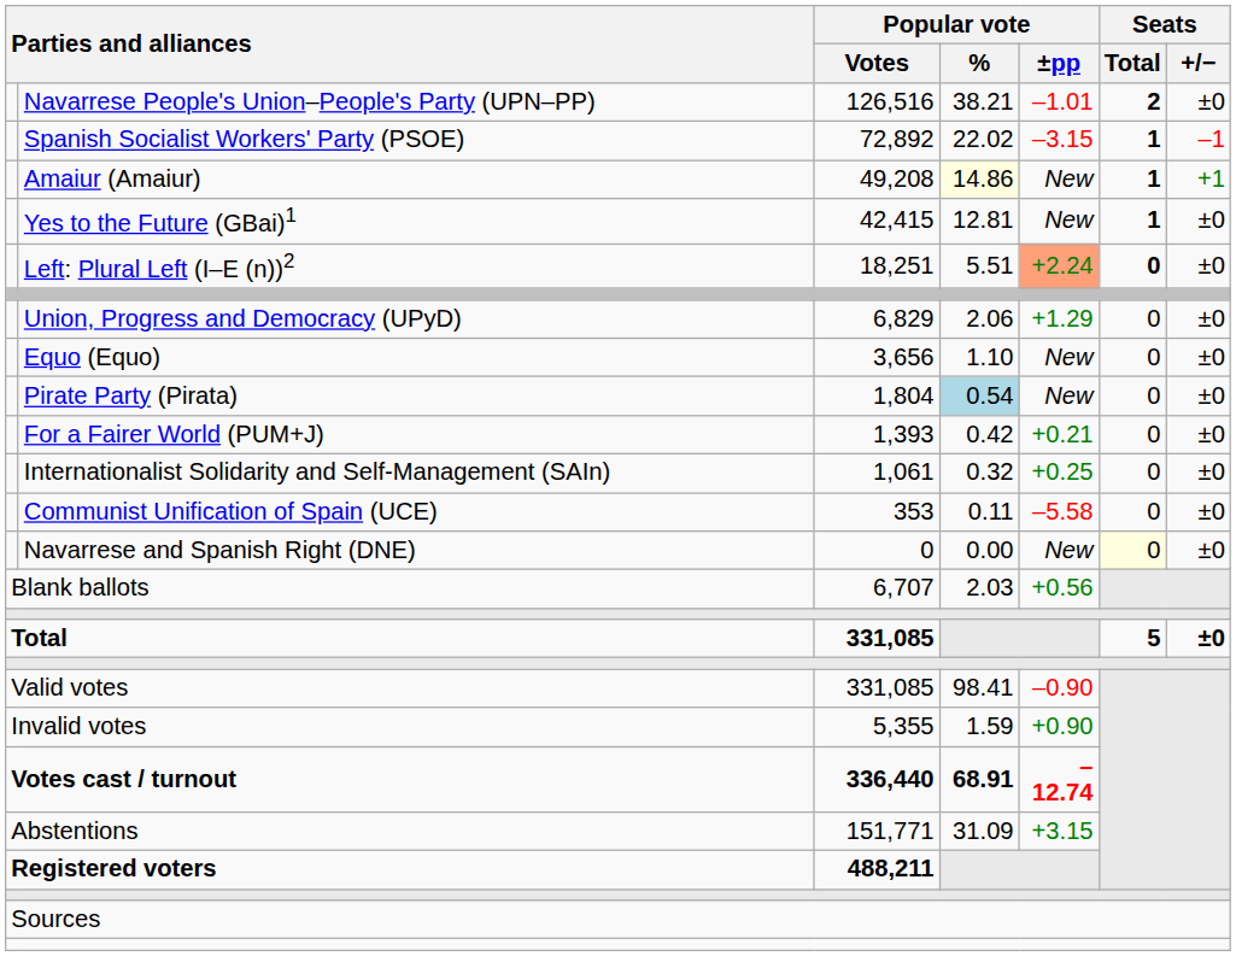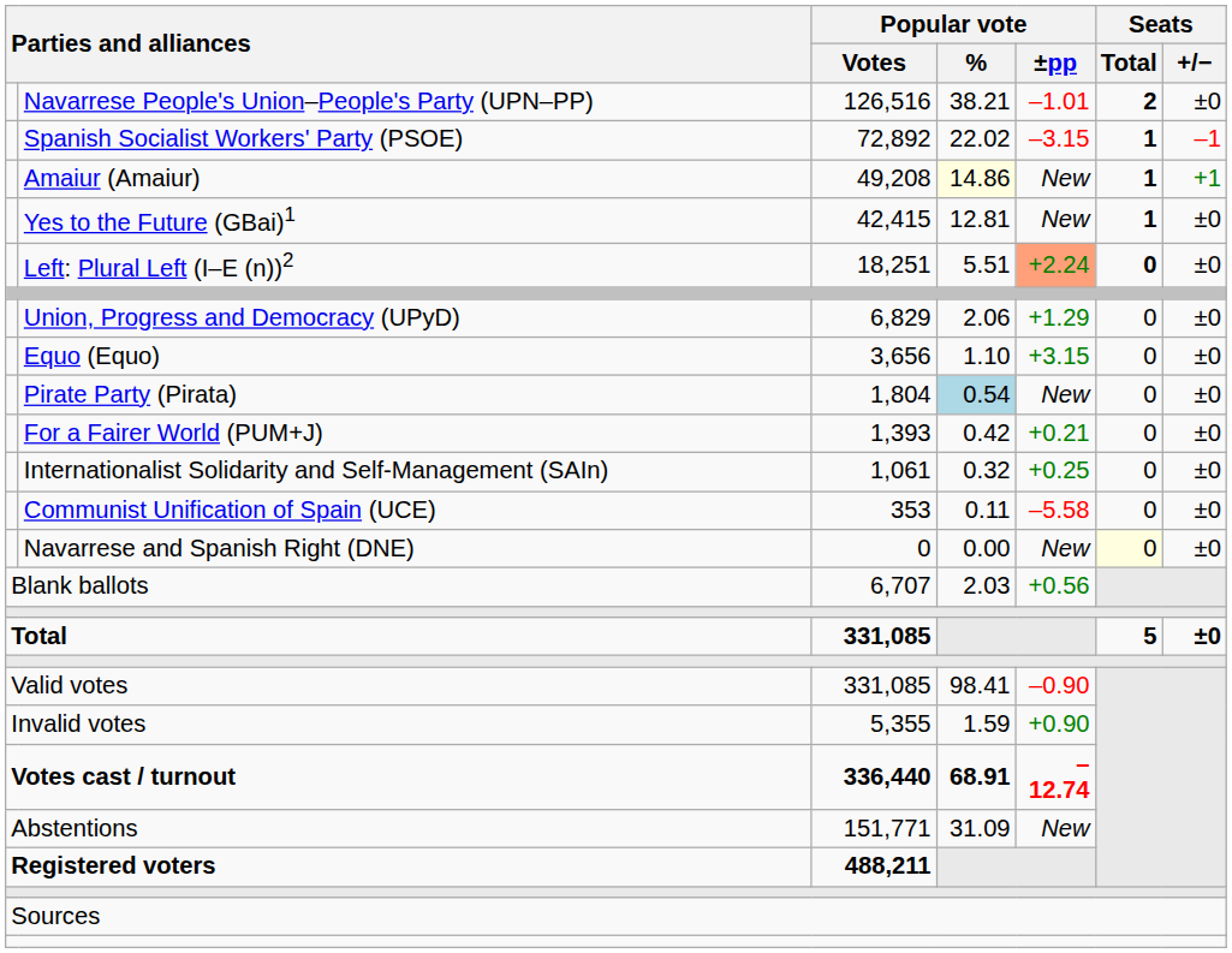 <table class="wikitable" style="text-align:right;">
 <tr>
 <th style="text-align:left;" rowspan="2" colspan="2" width="525">Parties and alliances</th>
 <th colspan="3">Popular vote</th>
 <th colspan="2">Seats</th>
 </tr>
 <tr>
 <th width="75">Votes</th>
 <th width="45">%</th>
 <th width="45">±<a href='#'>pp</a></th>
 <th width="35">Total</th>
 <th width="35">+/−</th>
 </tr>
 <tr>
 <td width="1" style="color:inherit;background:"></td>
 <td align="left"><a href='#'>Navarrese People's Union</a>–<a href='#'>People's Party</a> (UPN–PP)</td>
 <td>126,516</td>
 <td>38.21</td>
 <td style="color:red;">–1.01</td>
 <td><strong>2</strong></td>
 <td>±0</td>
 </tr>
 <tr>
 <td style="color:inherit;background:"></td>
 <td align="left"><a href='#'>Spanish Socialist Workers' Party</a> (PSOE)</td>
 <td>72,892</td>
 <td>22.02</td>
 <td style="color:red;">–3.15</td>
 <td><strong>1</strong></td>
 <td style="color:red;">–1</td>
 </tr>
 <tr>
 <td style="color:inherit;background:"></td>
 <td align="left"><a href='#'>Amaiur</a> (Amaiur)</td>
 <td>49,208</td>
 <td style="background: lightyellow;">14.86</td>
 <td><em>New</em></td>
 <td><strong>1</strong></td>
 <td style="color:green;">+1</td>
 </tr>
 <tr>
 <td style="color:inherit;background:"></td>
 <td align="left"><a href='#'>Yes to the Future</a> (GBai)<sup>1</sup></td>
 <td>42,415</td>
 <td>12.81</td>
 <td><em>New</em></td>
 <td><strong>1</strong></td>
 <td>±0</td>
 </tr>
 <tr>
 <td style="color:inherit;background:"></td>
 <td align="left"><a href='#'>Left</a>: <a href='#'>Plural Left</a> (I–E (n))<sup>2</sup></td>
 <td>18,251</td>
 <td>5.51</td>
 <td style="background: lightsalmon; color:green;">+2.24</td>
 <td><strong>0</strong></td>
 <td>±0</td>
 </tr>
 <tr>
 <td colspan="7" bgcolor="#C0C0C0"></td>
 </tr>
 <tr>
 <td style="color:inherit;background:"></td>
 <td align="left"><a href='#'>Union, Progress and Democracy</a> (UPyD)</td>
 <td>6,829</td>
 <td>2.06</td>
 <td style="color:green;">+1.29</td>
 <td>0</td>
 <td>±0</td>
 </tr>
 <tr>
 <td style="color:inherit;background:"></td>
 <td align="left"><a href='#'>Equo</a> (Equo)</td>
 <td>3,656</td>
 <td>1.10</td>
-<td><em>New</em></td>
+<td style="color:green;">+3.15</td>
 <td>0</td>
 <td>±0</td>
 </tr>
 <tr>
 <td style="color:inherit;background:"></td>
 <td align="left"><a href='#'>Pirate Party</a> (Pirata)</td>
 <td>1,804</td>
 <td style="background: lightblue;">0.54</td>
 <td><em>New</em></td>
 <td>0</td>
 <td>±0</td>
 </tr>
 <tr>
 <td style="color:inherit;background:"></td>
 <td align="left"><a href='#'>For a Fairer World</a> (PUM+J)</td>
 <td>1,393</td>
 <td>0.42</td>
 <td style="color:green;">+0.21</td>
 <td>0</td>
 <td>±0</td>
 </tr>
 <tr>
 <td style="color:inherit;background:"></td>
 <td align="left">Internationalist Solidarity and Self-Management (SAIn)</td>
 <td>1,061</td>
 <td>0.32</td>
 <td style="color:green;">+0.25</td>
 <td>0</td>
 <td>±0</td>
 </tr>
 <tr>
 <td style="color:inherit;background:"></td>
 <td align="left"><a href='#'>Communist Unification of Spain</a> (UCE)</td>
 <td>353</td>
 <td>0.11</td>
 <td style="color:red;">–5.58</td>
 <td>0</td>
 <td>±0</td>
 </tr>
 <tr>
 <td style="color:inherit;background:"></td>
 <td align="left">Navarrese and Spanish Right (DNE)</td>
 <td>0</td>
 <td>0.00</td>
 <td><em>New</em></td>
 <td style="background: lightyellow;">0</td>
 <td>±0</td>
 </tr>
 <tr>
 <td align="left" colspan="2">Blank ballots</td>
 <td>6,707</td>
 <td>2.03</td>
 <td style="color:green;">+0.56</td>
 <td bgcolor="#E9E9E9" colspan="2"></td>
 </tr>
 <tr>
 <td colspan="7" bgcolor="#E9E9E9"></td>
 </tr>
 <tr style="font-weight:bold;">
 <td align="left" colspan="2">Total</td>
 <td>331,085</td>
 <td bgcolor="#E9E9E9" colspan="2"></td>
 <td>5</td>
 <td>±0</td>
 </tr>
 <tr>
 <td colspan="7" bgcolor="#E9E9E9"></td>
 </tr>
 <tr>
 <td align="left" colspan="2">Valid votes</td>
 <td>331,085</td>
 <td>98.41</td>
 <td style="color:red;">–0.90</td>
 <td bgcolor="#E9E9E9" colspan="2" rowspan="5"></td>
 </tr>
 <tr>
 <td align="left" colspan="2">Invalid votes</td>
 <td>5,355</td>
 <td>1.59</td>
 <td style="color:green;">+0.90</td>
 </tr>
 <tr style="font-weight:bold;">
 <td align="left" colspan="2">Votes cast / turnout</td>
 <td>336,440</td>
 <td>68.91</td>
 <td style="color:red;">–12.74</td>
 </tr>
 <tr>
 <td align="left" colspan="2">Abstentions</td>
 <td>151,771</td>
 <td>31.09</td>
-<td style="color:green;">+3.15</td>
+<td><em>New</em></td>
 </tr>
 <tr style="font-weight:bold;">
 <td align="left" colspan="2">Registered voters</td>
 <td>488,211</td>
 <td bgcolor="#E9E9E9" colspan="2"></td>
 </tr>
 <tr>
 <td colspan="7" bgcolor="#E9E9E9"></td>
 </tr>
 <tr>
 <td align="left" colspan="7">Sources</td>
 </tr>
 <tr>
 <td colspan="7" style="text-align:left; max-width:790px;"></td>
 </tr>
 </table>
